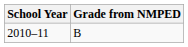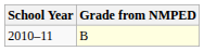 <table class="wikitable">
 <tr>
 <th>School Year</th>
 <th>Grade from NMPED</th>
 </tr>
 <tr>
 <td>2010–11</td>
-<td>B</td>
+<td style="background: lightyellow;">B</td>
 </tr>
 </table>
